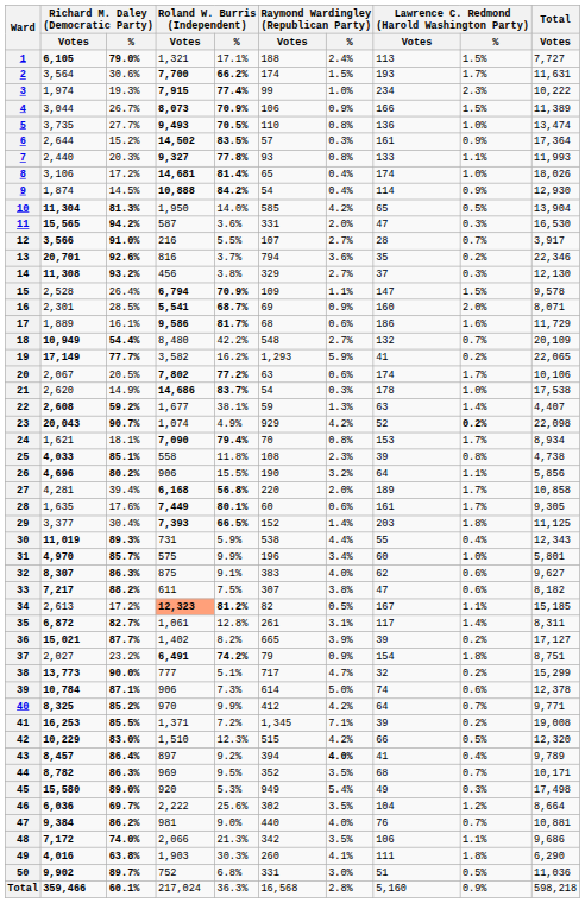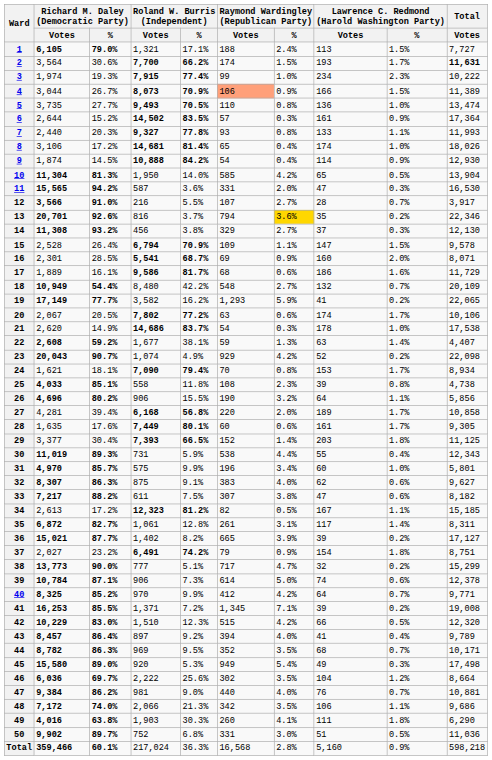 <table class="wikitable collapsible collapsed sortable">
 <tr>
 <th rowspan=2>Ward</th>
 <th colspan=2>Richard M. Daley<br>(Democratic Party)</th>
 <th colspan=2>Roland W. Burris<br>(Independent)</th>
 <th colspan=2>Raymond Wardingley<br>(Republican Party)</th>
 <th colspan=2>Lawrence C. Redmond<br>(Harold Washington Party)</th>
 <th>Total</th>
 </tr>
 <tr>
 <th>Votes</th>
 <th>%</th>
 <th>Votes</th>
 <th>%</th>
 <th>Votes</th>
 <th>%</th>
 <th>Votes</th>
 <th>%</th>
 <th>Votes</th>
 </tr>
 <tr>
 <th><a href='#'>1</a></th>
 <td><strong>6,105</strong></td>
 <td><strong>79.0%</strong></td>
 <td>1,321</td>
 <td>17.1%</td>
 <td>188</td>
 <td>2.4%</td>
 <td>113</td>
 <td>1.5%</td>
 <td>7,727</td>
 </tr>
 <tr>
 <th><a href='#'>2</a></th>
 <td>3,564</td>
 <td>30.6%</td>
 <td><strong>7,700</strong></td>
 <td><strong>66.2%</strong></td>
 <td>174</td>
 <td>1.5%</td>
 <td>193</td>
 <td>1.7%</td>
-<td>11,631</td>
+<td><strong>11,631</strong></td>
 </tr>
 <tr>
 <th><a href='#'>3</a></th>
 <td>1,974</td>
 <td>19.3%</td>
 <td><strong>7,915</strong></td>
 <td><strong>77.4%</strong></td>
 <td>99</td>
 <td>1.0%</td>
 <td>234</td>
 <td>2.3%</td>
 <td>10,222</td>
 </tr>
 <tr>
 <th><a href='#'>4</a></th>
 <td>3,044</td>
 <td>26.7%</td>
 <td><strong>8,073</strong></td>
 <td><strong>70.9%</strong></td>
-<td>106</td>
+<td style="background: lightsalmon;">106</td>
 <td>0.9%</td>
 <td>166</td>
 <td>1.5%</td>
 <td>11,389</td>
 </tr>
 <tr>
 <th><a href='#'>5</a></th>
 <td>3,735</td>
 <td>27.7%</td>
 <td><strong>9,493</strong></td>
 <td><strong>70.5%</strong></td>
 <td>110</td>
 <td>0.8%</td>
 <td>136</td>
 <td>1.0%</td>
 <td>13,474</td>
 </tr>
 <tr>
 <th><a href='#'>6</a></th>
 <td>2,644</td>
 <td>15.2%</td>
 <td><strong>14,502</strong></td>
 <td><strong>83.5%</strong></td>
 <td>57</td>
 <td>0.3%</td>
 <td>161</td>
 <td>0.9%</td>
 <td>17,364</td>
 </tr>
 <tr>
 <th><a href='#'>7</a></th>
 <td>2,440</td>
 <td>20.3%</td>
 <td><strong>9,327</strong></td>
 <td><strong>77.8%</strong></td>
 <td>93</td>
 <td>0.8%</td>
 <td>133</td>
 <td>1.1%</td>
 <td>11,993</td>
 </tr>
 <tr>
 <th><a href='#'>8</a></th>
 <td>3,106</td>
 <td>17.2%</td>
 <td><strong>14,681</strong></td>
 <td><strong>81.4%</strong></td>
 <td>65</td>
 <td>0.4%</td>
 <td>174</td>
 <td>1.0%</td>
 <td>18,026</td>
 </tr>
 <tr>
 <th><a href='#'>9</a></th>
 <td>1,874</td>
 <td>14.5%</td>
 <td><strong>10,888</strong></td>
 <td><strong>84.2%</strong></td>
 <td>54</td>
 <td>0.4%</td>
 <td>114</td>
 <td>0.9%</td>
 <td>12,930</td>
 </tr>
 <tr>
 <th><a href='#'>10</a></th>
 <td><strong>11,304</strong></td>
 <td><strong>81.3%</strong></td>
 <td>1,950</td>
 <td>14.0%</td>
 <td>585</td>
 <td>4.2%</td>
 <td>65</td>
 <td>0.5%</td>
 <td>13,904</td>
 </tr>
 <tr>
 <th><a href='#'>11</a></th>
 <td><strong>15,565</strong></td>
 <td><strong>94.2%</strong></td>
 <td>587</td>
 <td>3.6%</td>
 <td>331</td>
 <td>2.0%</td>
 <td>47</td>
 <td>0.3%</td>
 <td>16,530</td>
 </tr>
 <tr>
 <th>12</th>
 <td><strong>3,566</strong></td>
 <td><strong>91.0%</strong></td>
 <td>216</td>
 <td>5.5%</td>
 <td>107</td>
 <td>2.7%</td>
 <td>28</td>
 <td>0.7%</td>
 <td>3,917</td>
 </tr>
 <tr>
 <th>13</th>
 <td><strong>20,701</strong></td>
 <td><strong>92.6%</strong></td>
 <td>816</td>
 <td>3.7%</td>
 <td>794</td>
-<td>3.6%</td>
+<td style="background: gold;">3.6%</td>
 <td>35</td>
 <td>0.2%</td>
 <td>22,346</td>
 </tr>
 <tr>
 <th>14</th>
 <td><strong>11,308</strong></td>
 <td><strong>93.2%</strong></td>
 <td>456</td>
 <td>3.8%</td>
 <td>329</td>
 <td>2.7%</td>
 <td>37</td>
 <td>0.3%</td>
 <td>12,130</td>
 </tr>
 <tr>
 <th>15</th>
 <td>2,528</td>
 <td>26.4%</td>
 <td><strong>6,794</strong></td>
 <td><strong>70.9%</strong></td>
 <td>109</td>
 <td>1.1%</td>
 <td>147</td>
 <td>1.5%</td>
 <td>9,578</td>
 </tr>
 <tr>
 <th>16</th>
 <td>2,301</td>
 <td>28.5%</td>
 <td><strong>5,541</strong></td>
 <td><strong>68.7%</strong></td>
 <td>69</td>
 <td>0.9%</td>
 <td>160</td>
 <td>2.0%</td>
 <td>8,071</td>
 </tr>
 <tr>
 <th>17</th>
 <td>1,889</td>
 <td>16.1%</td>
 <td><strong>9,586</strong></td>
 <td><strong>81.7%</strong></td>
 <td>68</td>
 <td>0.6%</td>
 <td>186</td>
 <td>1.6%</td>
 <td>11,729</td>
 </tr>
 <tr>
 <th>18</th>
 <td><strong>10,949</strong></td>
 <td><strong>54.4%</strong></td>
 <td>8,480</td>
 <td>42.2%</td>
 <td>548</td>
 <td>2.7%</td>
 <td>132</td>
 <td>0.7%</td>
 <td>20,109</td>
 </tr>
 <tr>
 <th>19</th>
 <td><strong>17,149</strong></td>
 <td><strong>77.7%</strong></td>
 <td>3,582</td>
 <td>16.2%</td>
 <td>1,293</td>
 <td>5.9%</td>
 <td>41</td>
 <td>0.2%</td>
 <td>22,065</td>
 </tr>
 <tr>
 <th>20</th>
 <td>2,067</td>
 <td>20.5%</td>
 <td><strong>7,802</strong></td>
 <td><strong>77.2%</strong></td>
 <td>63</td>
 <td>0.6%</td>
 <td>174</td>
 <td>1.7%</td>
 <td>10,106</td>
 </tr>
 <tr>
 <th>21</th>
 <td>2,620</td>
 <td>14.9%</td>
 <td><strong>14,686</strong></td>
 <td><strong>83.7%</strong></td>
 <td>54</td>
 <td>0.3%</td>
 <td>178</td>
 <td>1.0%</td>
 <td>17,538</td>
 </tr>
 <tr>
 <th>22</th>
 <td><strong>2,608</strong></td>
 <td><strong>59.2%</strong></td>
 <td>1,677</td>
 <td>38.1%</td>
 <td>59</td>
 <td>1.3%</td>
 <td>63</td>
 <td>1.4%</td>
 <td>4,407</td>
 </tr>
 <tr>
 <th>23</th>
 <td><strong>20,043</strong></td>
 <td><strong>90.7%</strong></td>
 <td>1,074</td>
 <td>4.9%</td>
 <td>929</td>
 <td>4.2%</td>
 <td>52</td>
-<td><strong>0.2%</strong></td>
+<td>0.2%</td>
 <td>22,098</td>
 </tr>
 <tr>
 <th>24</th>
 <td>1,621</td>
 <td>18.1%</td>
 <td><strong>7,090</strong></td>
 <td><strong>79.4%</strong></td>
 <td>70</td>
 <td>0.8%</td>
 <td>153</td>
 <td>1.7%</td>
 <td>8,934</td>
 </tr>
 <tr>
 <th>25</th>
 <td><strong>4,033</strong></td>
 <td><strong>85.1%</strong></td>
 <td>558</td>
 <td>11.8%</td>
 <td>108</td>
 <td>2.3%</td>
 <td>39</td>
 <td>0.8%</td>
 <td>4,738</td>
 </tr>
 <tr>
 <th>26</th>
 <td><strong>4,696</strong></td>
 <td><strong>80.2%</strong></td>
 <td>906</td>
 <td>15.5%</td>
 <td>190</td>
 <td>3.2%</td>
 <td>64</td>
 <td>1.1%</td>
 <td>5,856</td>
 </tr>
 <tr>
 <th>27</th>
 <td>4,281</td>
 <td>39.4%</td>
 <td><strong>6,168</strong></td>
 <td><strong>56.8%</strong></td>
 <td>220</td>
 <td>2.0%</td>
 <td>189</td>
 <td>1.7%</td>
 <td>10,858</td>
 </tr>
 <tr>
 <th>28</th>
 <td>1,635</td>
 <td>17.6%</td>
 <td><strong>7,449</strong></td>
 <td><strong>80.1%</strong></td>
 <td>60</td>
 <td>0.6%</td>
 <td>161</td>
 <td>1.7%</td>
 <td>9,305</td>
 </tr>
 <tr>
 <th>29</th>
 <td>3,377</td>
 <td>30.4%</td>
 <td><strong>7,393</strong></td>
 <td><strong>66.5%</strong></td>
 <td>152</td>
 <td>1.4%</td>
 <td>203</td>
 <td>1.8%</td>
 <td>11,125</td>
 </tr>
 <tr>
 <th>30</th>
 <td><strong>11,019</strong></td>
 <td><strong>89.3%</strong></td>
 <td>731</td>
 <td>5.9%</td>
 <td>538</td>
 <td>4.4%</td>
 <td>55</td>
 <td>0.4%</td>
 <td>12,343</td>
 </tr>
 <tr>
 <th>31</th>
 <td><strong>4,970</strong></td>
 <td><strong>85.7%</strong></td>
 <td>575</td>
 <td>9.9%</td>
 <td>196</td>
 <td>3.4%</td>
 <td>60</td>
 <td>1.0%</td>
 <td>5,801</td>
 </tr>
 <tr>
 <th>32</th>
 <td><strong>8,307</strong></td>
 <td><strong>86.3%</strong></td>
 <td>875</td>
 <td>9.1%</td>
 <td>383</td>
 <td>4.0%</td>
 <td>62</td>
 <td>0.6%</td>
 <td>9,627</td>
 </tr>
 <tr>
 <th>33</th>
 <td><strong>7,217</strong></td>
 <td><strong>88.2%</strong></td>
 <td>611</td>
 <td>7.5%</td>
 <td>307</td>
 <td>3.8%</td>
 <td>47</td>
 <td>0.6%</td>
 <td>8,182</td>
 </tr>
 <tr>
 <th>34</th>
 <td>2,613</td>
 <td>17.2%</td>
-<td style="background: lightsalmon;"><strong>12,323</strong></td>
+<td><strong>12,323</strong></td>
 <td><strong>81.2%</strong></td>
 <td>82</td>
 <td>0.5%</td>
 <td>167</td>
 <td>1.1%</td>
 <td>15,185</td>
 </tr>
 <tr>
 <th>35</th>
 <td><strong>6,872</strong></td>
 <td><strong>82.7%</strong></td>
 <td>1,061</td>
 <td>12.8%</td>
 <td>261</td>
 <td>3.1%</td>
 <td>117</td>
 <td>1.4%</td>
 <td>8,311</td>
 </tr>
 <tr>
 <th>36</th>
 <td><strong>15,021</strong></td>
 <td><strong>87.7%</strong></td>
 <td>1,402</td>
 <td>8.2%</td>
 <td>665</td>
 <td>3.9%</td>
 <td>39</td>
 <td>0.2%</td>
 <td>17,127</td>
 </tr>
 <tr>
 <th>37</th>
 <td>2,027</td>
 <td>23.2%</td>
 <td><strong>6,491</strong></td>
 <td><strong>74.2%</strong></td>
 <td>79</td>
 <td>0.9%</td>
 <td>154</td>
 <td>1.8%</td>
 <td>8,751</td>
 </tr>
 <tr>
 <th>38</th>
 <td><strong>13,773</strong></td>
 <td><strong>90.0%</strong></td>
 <td>777</td>
 <td>5.1%</td>
 <td>717</td>
 <td>4.7%</td>
 <td>32</td>
 <td>0.2%</td>
 <td>15,299</td>
 </tr>
 <tr>
 <th>39</th>
 <td><strong>10,784</strong></td>
 <td><strong>87.1%</strong></td>
 <td>906</td>
 <td>7.3%</td>
 <td>614</td>
 <td>5.0%</td>
 <td>74</td>
 <td>0.6%</td>
 <td>12,378</td>
 </tr>
 <tr>
 <th><a href='#'>40</a></th>
 <td><strong>8,325</strong></td>
 <td><strong>85.2%</strong></td>
 <td>970</td>
 <td>9.9%</td>
 <td>412</td>
 <td>4.2%</td>
 <td>64</td>
 <td>0.7%</td>
 <td>9,771</td>
 </tr>
 <tr>
 <th>41</th>
 <td><strong>16,253</strong></td>
 <td><strong>85.5%</strong></td>
 <td>1,371</td>
 <td>7.2%</td>
 <td>1,345</td>
 <td>7.1%</td>
 <td>39</td>
 <td>0.2%</td>
 <td>19,008</td>
 </tr>
 <tr>
 <th>42</th>
 <td><strong>10,229</strong></td>
 <td><strong>83.0%</strong></td>
 <td>1,510</td>
 <td>12.3%</td>
 <td>515</td>
 <td>4.2%</td>
 <td>66</td>
 <td>0.5%</td>
 <td>12,320</td>
 </tr>
 <tr>
 <th>43</th>
 <td><strong>8,457</strong></td>
 <td><strong>86.4%</strong></td>
 <td>897</td>
 <td>9.2%</td>
 <td>394</td>
-<td><strong>4.0%</strong></td>
+<td>4.0%</td>
 <td>41</td>
 <td>0.4%</td>
 <td>9,789</td>
 </tr>
 <tr>
 <th>44</th>
 <td><strong>8,782</strong></td>
 <td><strong>86.3%</strong></td>
 <td>969</td>
 <td>9.5%</td>
 <td>352</td>
 <td>3.5%</td>
 <td>68</td>
 <td>0.7%</td>
 <td>10,171</td>
 </tr>
 <tr>
 <th>45</th>
 <td><strong>15,580</strong></td>
 <td><strong>89.0%</strong></td>
 <td>920</td>
 <td>5.3%</td>
 <td>949</td>
 <td>5.4%</td>
 <td>49</td>
 <td>0.3%</td>
 <td>17,498</td>
 </tr>
 <tr>
 <th>46</th>
 <td><strong>6,036</strong></td>
 <td><strong>69.7%</strong></td>
 <td>2,222</td>
 <td>25.6%</td>
 <td>302</td>
 <td>3.5%</td>
 <td>104</td>
 <td>1.2%</td>
 <td>8,664</td>
 </tr>
 <tr>
 <th>47</th>
 <td><strong>9,384</strong></td>
 <td><strong>86.2%</strong></td>
 <td>981</td>
 <td>9.0%</td>
 <td>440</td>
 <td>4.0%</td>
 <td>76</td>
 <td>0.7%</td>
 <td>10,881</td>
 </tr>
 <tr>
 <th>48</th>
 <td><strong>7,172</strong></td>
 <td><strong>74.0%</strong></td>
 <td>2,066</td>
 <td>21.3%</td>
 <td>342</td>
 <td>3.5%</td>
 <td>106</td>
 <td>1.1%</td>
 <td>9,686</td>
 </tr>
 <tr>
 <th>49</th>
 <td><strong>4,016</strong></td>
 <td><strong>63.8%</strong></td>
 <td>1,903</td>
 <td>30.3%</td>
 <td>260</td>
 <td>4.1%</td>
 <td>111</td>
 <td>1.8%</td>
 <td>6,290</td>
 </tr>
 <tr>
 <th>50</th>
 <td><strong>9,902</strong></td>
 <td><strong>89.7%</strong></td>
 <td>752</td>
 <td>6.8%</td>
 <td>331</td>
 <td>3.0%</td>
 <td>51</td>
 <td>0.5%</td>
 <td>11,036</td>
 </tr>
 <tr>
 <th>Total</th>
 <td><strong>359,466</strong></td>
 <td><strong>60.1%</strong></td>
 <td>217,024</td>
 <td>36.3%</td>
 <td>16,568</td>
 <td>2.8%</td>
 <td>5,160</td>
 <td>0.9%</td>
 <td>598,218</td>
 </tr>
 </table>
